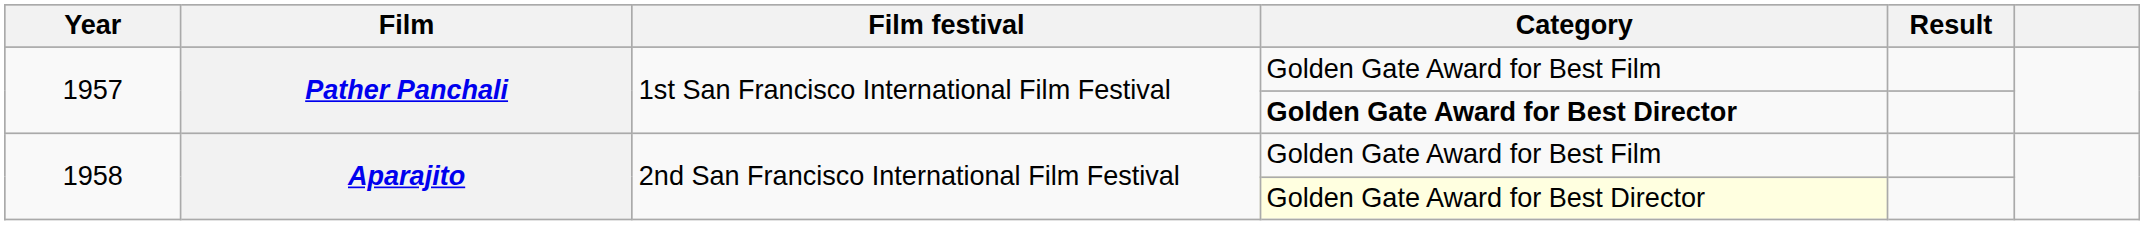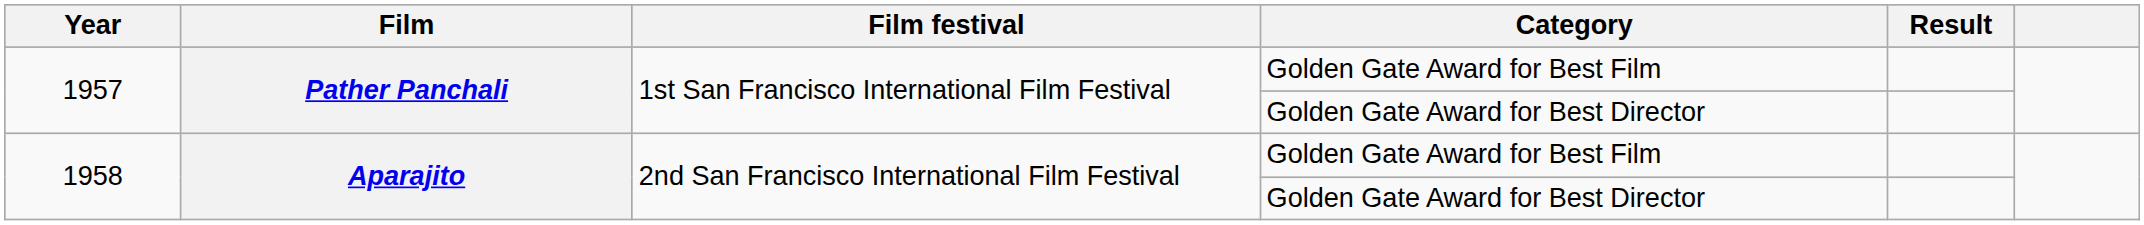 <table class="wikitable plainrowheaders sortable" style="width:100%">
 <tr>
 <th scope="col" style="width:7%">Year</th>
 <th scope="col" style="width:18%">Film</th>
 <th scope="col" style="width:25%">Film festival</th>
 <th scope="col" style="width:25%">Category</th>
 <th scope="col" style="width:5%">Result</th>
 <th scope="col" style="width:5%" class="unsortable"></th>
 </tr>
 <tr>
 <td style="text-align:center;" rowspan="2">1957</td>
 <th scope="row" rowspan="2"><em><a href='#'>Pather Panchali</a></em></th>
 <td rowspan="2">1st San Francisco International Film Festival</td>
 <td>Golden Gate Award for Best Film</td>
 <td></td>
 <td style="text-align:center;" rowspan="2"></td>
 </tr>
 <tr>
-<td><strong>Golden Gate Award for Best Director</strong></td>
+<td>Golden Gate Award for Best Director</td>
 <td></td>
 </tr>
 <tr>
 <td style="text-align:center;" rowspan="2">1958</td>
 <th scope="row" rowspan="2"><em><a href='#'>Aparajito</a></em></th>
 <td rowspan="2">2nd San Francisco International Film Festival</td>
 <td>Golden Gate Award for Best Film</td>
 <td></td>
 <td style="text-align:center;" rowspan="2"></td>
 </tr>
 <tr>
-<td style="background: lightyellow;">Golden Gate Award for Best Director</td>
+<td>Golden Gate Award for Best Director</td>
 <td></td>
 </tr>
 </table>
